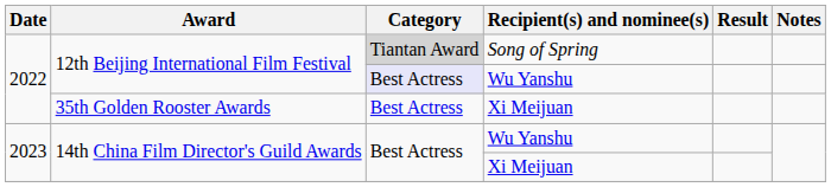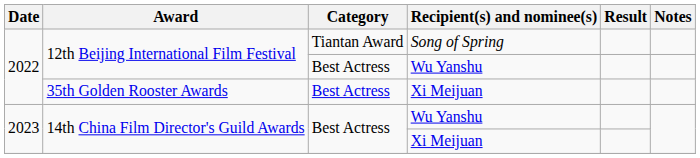 <table class="wikitable">
 <tr>
 <th>Date</th>
 <th>Award</th>
 <th>Category</th>
 <th>Recipient(s) and nominee(s)</th>
 <th>Result</th>
 <th>Notes</th>
 </tr>
 <tr>
 <td rowspan="3">2022</td>
 <td rowspan="2">12th <a href='#'>Beijing International Film Festival</a></td>
-<td style="background: lightgrey;">Tiantan Award</td>
+<td>Tiantan Award</td>
 <td><em>Song of Spring</em></td>
 <td></td>
 <td></td>
 </tr>
 <tr>
-<td style="background: lavender;">Best Actress</td>
+<td>Best Actress</td>
 <td><a href='#'>Wu Yanshu</a></td>
 <td></td>
 <td></td>
 </tr>
 <tr>
 <td><a href='#'>35th Golden Rooster Awards</a></td>
 <td><a href='#'>Best Actress</a></td>
 <td><a href='#'>Xi Meijuan</a></td>
 <td></td>
 <td></td>
 </tr>
 <tr>
 <td rowspan="2">2023</td>
 <td rowspan="2">14th <a href='#'>China Film Director's Guild Awards</a></td>
 <td rowspan="2">Best Actress</td>
 <td><a href='#'>Wu Yanshu</a></td>
 <td></td>
 <td rowspan="2"></td>
 </tr>
 <tr>
 <td><a href='#'>Xi Meijuan</a></td>
 <td></td>
 </tr>
 <tr>
 </tr>
 </table>
